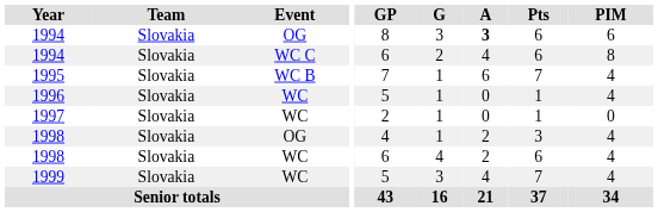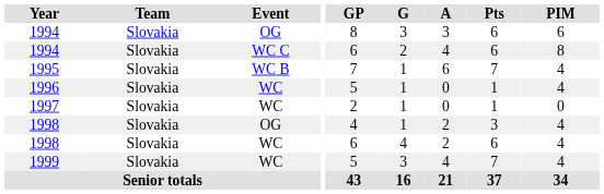 <table border="0" cellpadding="1" cellspacing="0" ID="Table3" style="text-align:center; width:40em">
 <tr bgcolor="#e0e0e0">
 <th>Year</th>
 <th>Team</th>
 <th>Event</th>
 <th rowspan="102" bgcolor="#ffffff"></th>
 <th>GP</th>
 <th>G</th>
 <th>A</th>
 <th>Pts</th>
 <th>PIM</th>
 </tr>
 <tr>
 <td><a href='#'>1994</a></td>
 <td><a href='#'>Slovakia</a></td>
 <td><a href='#'>OG</a></td>
 <td>8</td>
 <td>3</td>
-<td><strong>3</strong></td>
+<td>3</td>
 <td>6</td>
 <td>6</td>
 </tr>
 <tr bgcolor="#f0f0f0">
 <td><a href='#'>1994</a></td>
 <td>Slovakia</td>
 <td><a href='#'>WC C</a></td>
 <td>6</td>
 <td>2</td>
 <td>4</td>
 <td>6</td>
 <td>8</td>
 </tr>
 <tr>
 <td><a href='#'>1995</a></td>
 <td>Slovakia</td>
 <td><a href='#'>WC B</a></td>
 <td>7</td>
 <td>1</td>
 <td>6</td>
 <td>7</td>
 <td>4</td>
 </tr>
 <tr bgcolor="#f0f0f0">
 <td><a href='#'>1996</a></td>
 <td>Slovakia</td>
 <td><a href='#'>WC</a></td>
 <td>5</td>
 <td>1</td>
 <td>0</td>
 <td>1</td>
 <td>4</td>
 </tr>
 <tr>
 <td><a href='#'>1997</a></td>
 <td>Slovakia</td>
 <td>WC</td>
 <td>2</td>
 <td>1</td>
 <td>0</td>
 <td>1</td>
 <td>0</td>
 </tr>
 <tr bgcolor="#f0f0f0">
 <td><a href='#'>1998</a></td>
 <td>Slovakia</td>
 <td>OG</td>
 <td>4</td>
 <td>1</td>
 <td>2</td>
 <td>3</td>
 <td>4</td>
 </tr>
 <tr>
 <td><a href='#'>1998</a></td>
 <td>Slovakia</td>
 <td>WC</td>
 <td>6</td>
 <td>4</td>
 <td>2</td>
 <td>6</td>
 <td>4</td>
 </tr>
 <tr bgcolor="#f0f0f0">
 <td><a href='#'>1999</a></td>
 <td>Slovakia</td>
 <td>WC</td>
 <td>5</td>
 <td>3</td>
 <td>4</td>
 <td>7</td>
 <td>4</td>
 </tr>
 <tr bgcolor="#e0e0e0">
 <th colspan="3">Senior totals</th>
 <th>43</th>
 <th>16</th>
 <th>21</th>
 <th>37</th>
 <th>34</th>
 </tr>
 </table>
